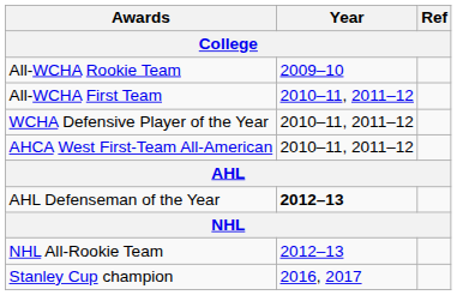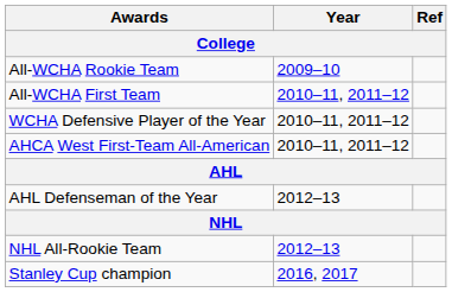 <table class="wikitable">
 <tr>
 <th>Awards</th>
 <th>Year</th>
 <th>Ref</th>
 </tr>
 <tr>
 <th colspan="3"><a href='#'>College</a></th>
 </tr>
 <tr>
 <td>All-<a href='#'>WCHA</a> <a href='#'>Rookie Team</a></td>
 <td><a href='#'>2009–10</a></td>
 <td></td>
 </tr>
 <tr>
 <td>All-<a href='#'>WCHA</a> <a href='#'>First Team</a></td>
 <td><a href='#'>2010–11</a>, <a href='#'>2011–12</a></td>
 <td></td>
 </tr>
 <tr>
 <td><a href='#'>WCHA</a> Defensive Player of the Year</td>
 <td>2010–11, 2011–12</td>
 <td></td>
 </tr>
 <tr>
 <td><a href='#'>AHCA</a> <a href='#'>West First-Team All-American</a></td>
 <td>2010–11, 2011–12</td>
 <td></td>
 </tr>
 <tr>
 <th colspan="3"><a href='#'>AHL</a></th>
 </tr>
 <tr>
 <td>AHL Defenseman of the Year</td>
-<td><strong>2012–13</strong></td>
+<td>2012–13</td>
 <td></td>
 </tr>
 <tr>
 <th colspan="3"><a href='#'>NHL</a></th>
 </tr>
 <tr>
 <td><a href='#'>NHL</a> All-Rookie Team</td>
 <td><a href='#'>2012–13</a></td>
 <td></td>
 </tr>
 <tr>
 <td><a href='#'>Stanley Cup</a> champion</td>
 <td><a href='#'>2016</a>, <a href='#'>2017</a></td>
 <td></td>
 </tr>
 </table>
